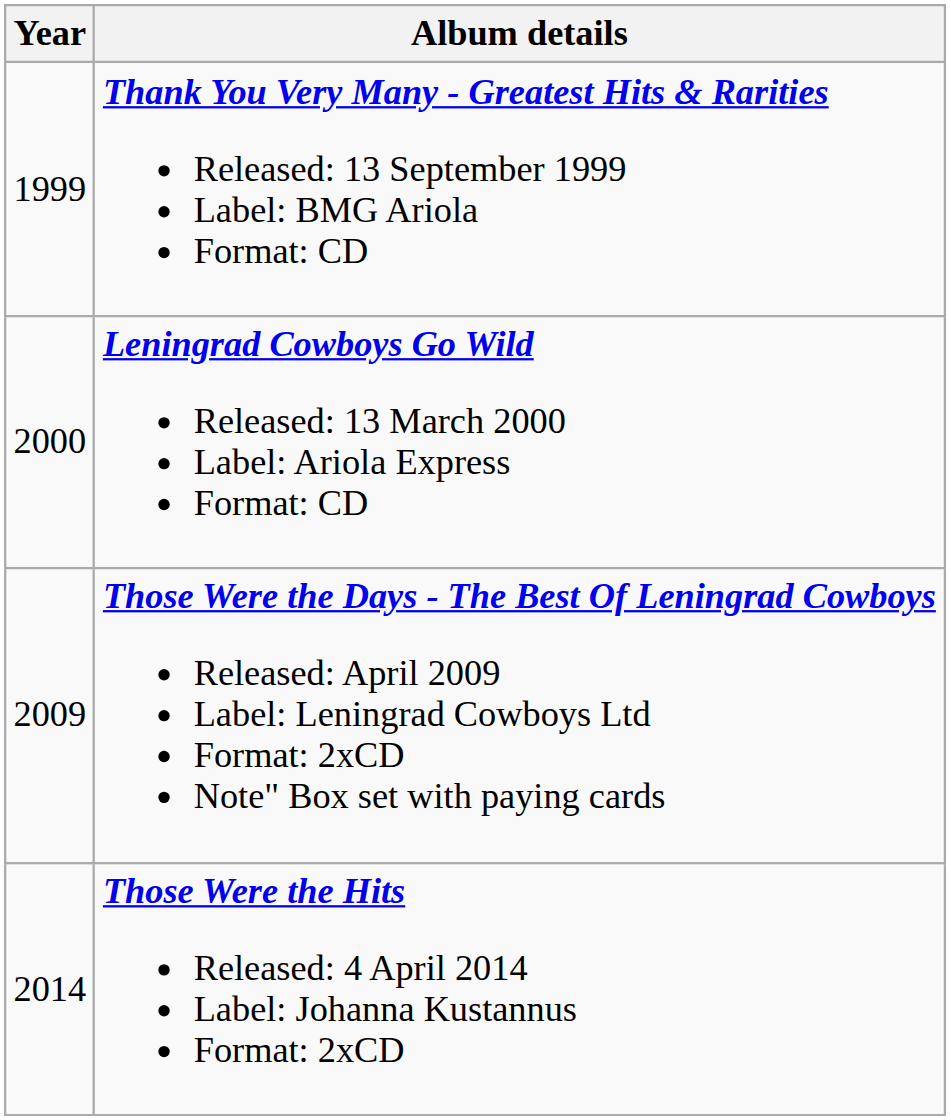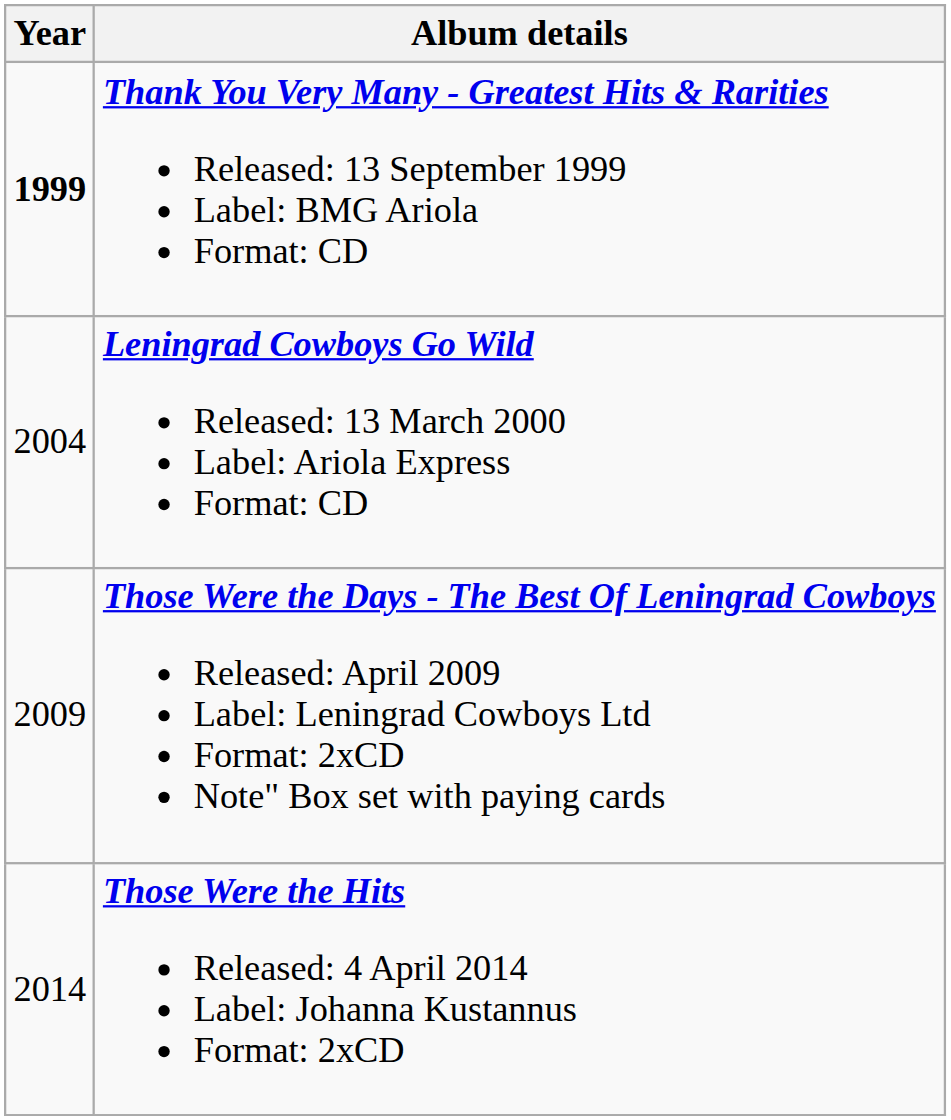 <table class="wikitable">
 <tr>
 <th>Year</th>
 <th>Album details</th>
 </tr>
 <tr>
-<td>1999</td>
+<td><strong>1999</strong></td>
 <td><strong><em><a href='#'>Thank You Very Many - Greatest Hits & Rarities</a></em></strong><br><ul><li>Released: 13 September 1999</li><li>Label: BMG Ariola </li><li>Format: CD</li></ul></td>
 </tr>
 <tr>
-<td>2000</td>
+<td>2004</td>
 <td><strong><em><a href='#'>Leningrad Cowboys Go Wild</a></em></strong><br><ul><li>Released: 13 March 2000</li><li>Label: Ariola Express </li><li>Format: CD</li></ul></td>
 </tr>
 <tr>
 <td>2009</td>
 <td><strong><em><a href='#'>Those Were the Days - The Best Of Leningrad Cowboys</a></em></strong><br><ul><li>Released: April 2009</li><li>Label: Leningrad Cowboys Ltd </li><li>Format: 2xCD</li><li>Note" Box set with paying cards</li></ul></td>
 </tr>
 <tr>
 <td>2014</td>
 <td><strong><em><a href='#'>Those Were the Hits</a></em></strong><br><ul><li>Released: 4 April 2014</li><li>Label: Johanna Kustannus </li><li>Format: 2xCD</li></ul></td>
 </tr>
 </table>
